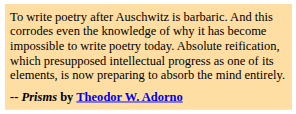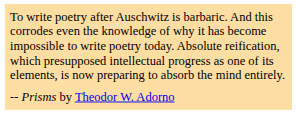 <table class="toccolours" style="float: right; margin-left: 1em; margin-right: 1em; font-size: 85%; background:#FFDEA3; color:black; width:23em; max-width: 25%;" cellspacing="5">
 <tr>
 <td style="text-align: left;">To write poetry after Auschwitz is barbaric. And this corrodes even the knowledge of why it has become impossible to write poetry today. Absolute reification, which presupposed intellectual progress as one of its elements, is now preparing to absorb the mind entirely.</td>
 </tr>
 <tr>
-<td style="text-align: left;"><strong>-- <em>Prisms</em> by <a href='#'>Theodor W. Adorno</a></strong></td>
+<td style="text-align: left;">-- <em>Prisms</em> by <a href='#'>Theodor W. Adorno</a></td>
 </tr>
 </table>
